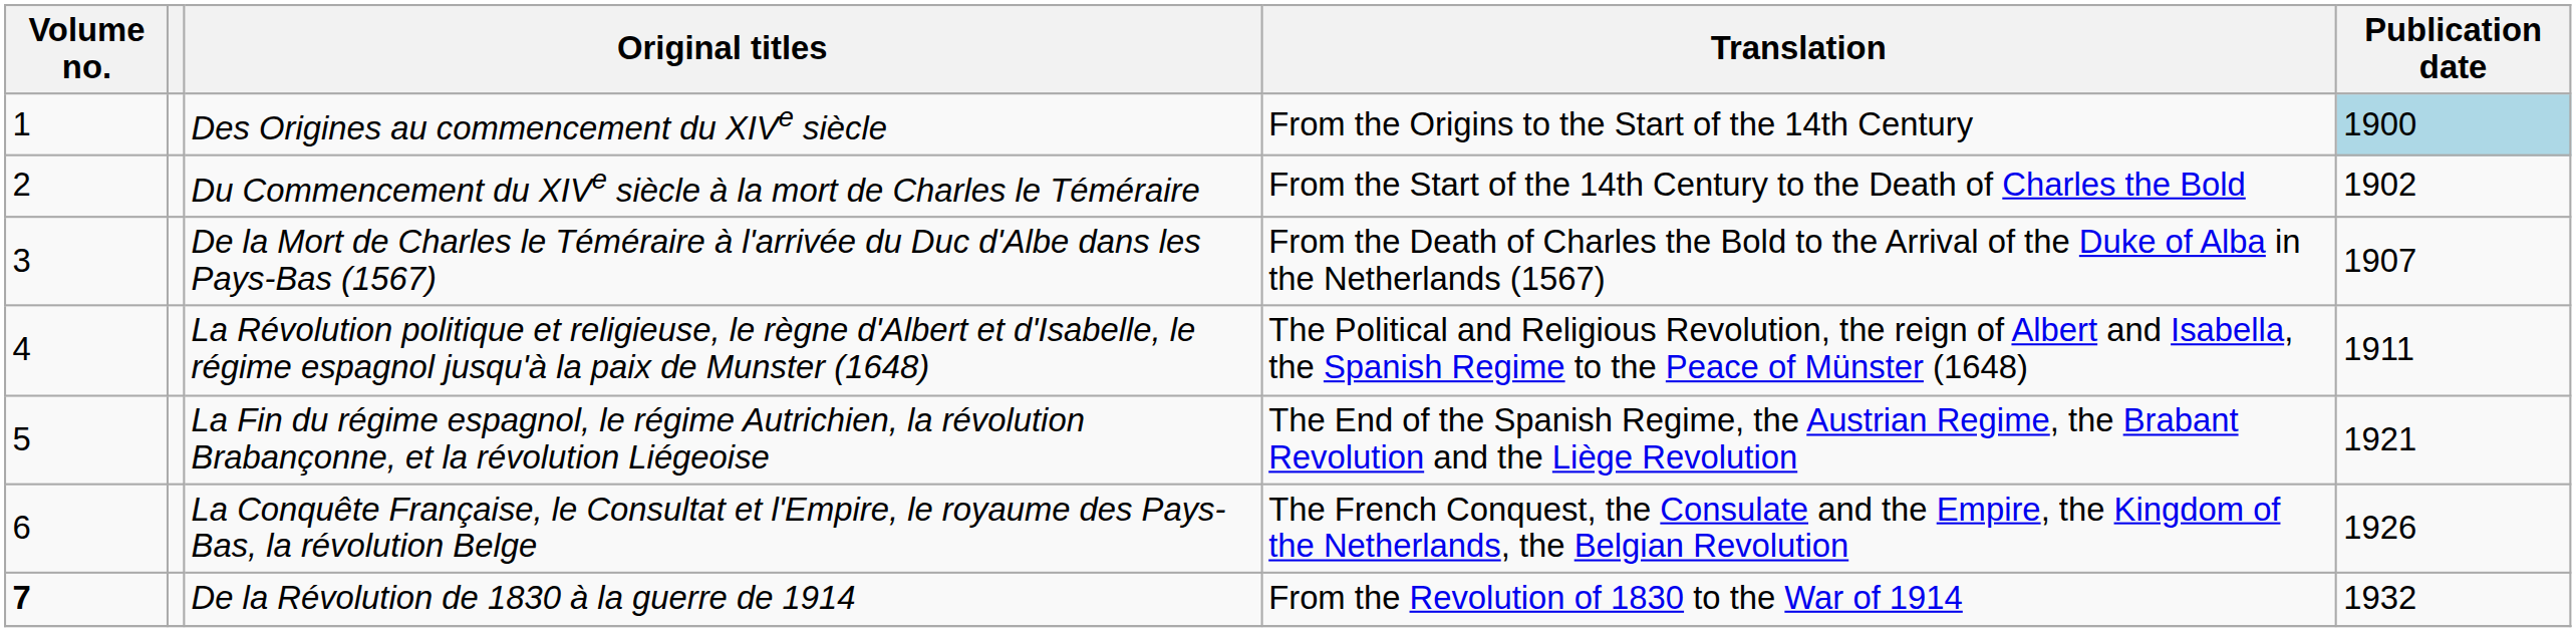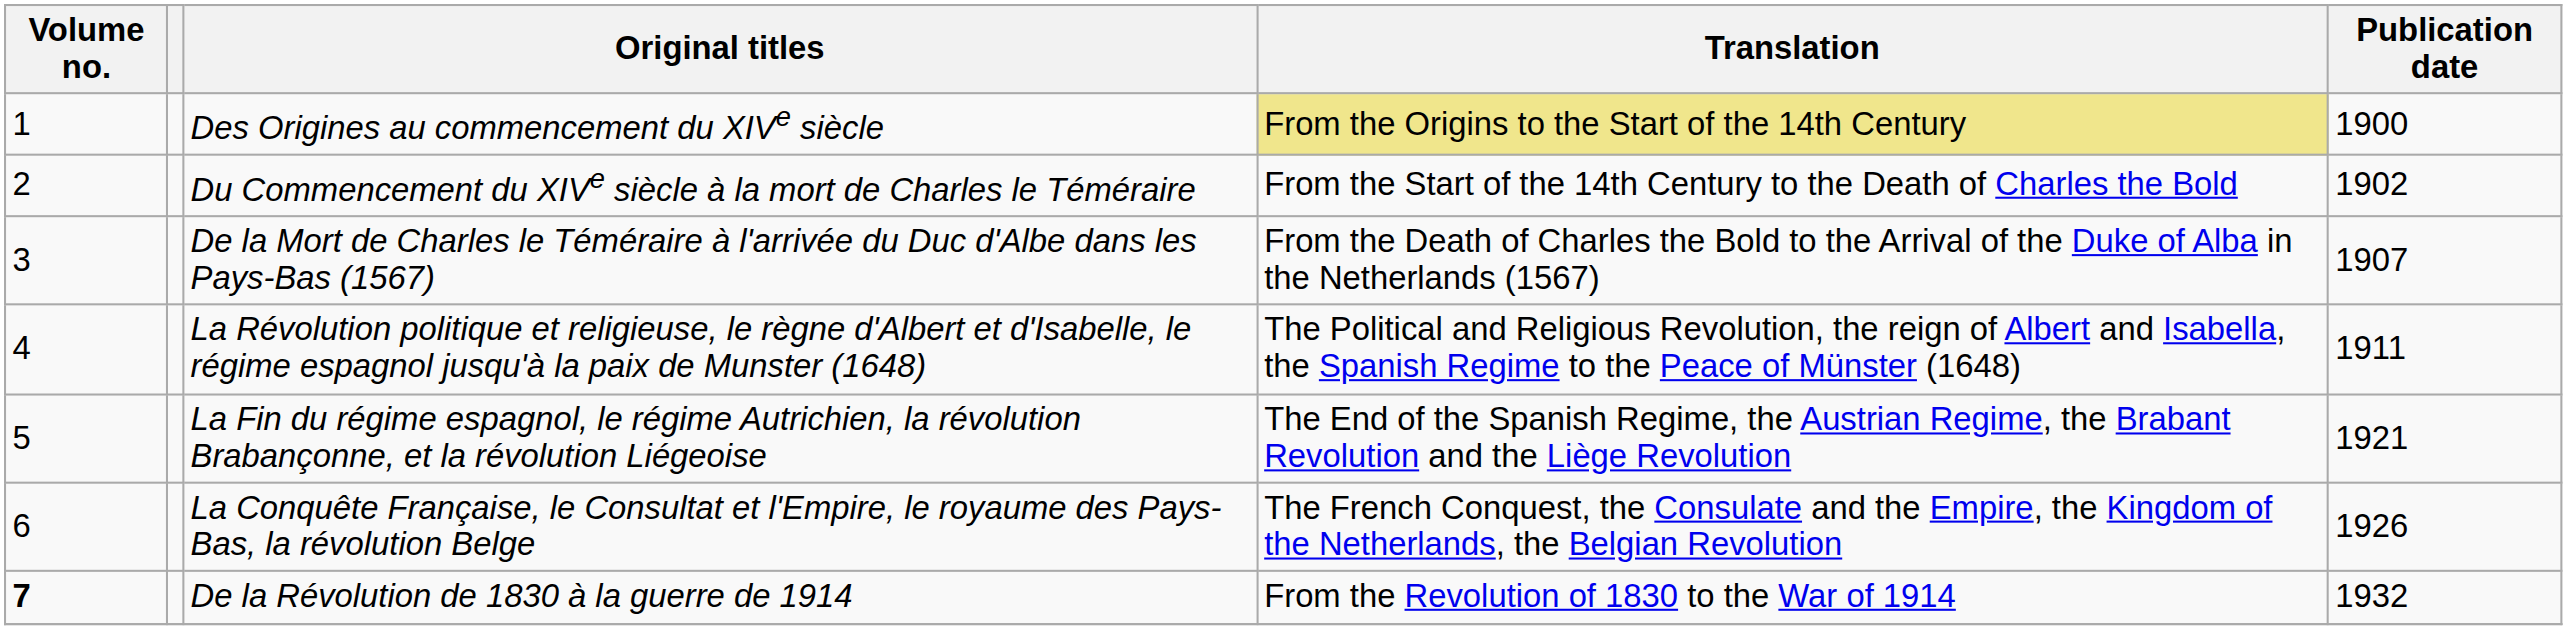 <table class="wikitable">
 <tr>
 <th>Volume no.</th>
 <th></th>
 <th>Original titles</th>
 <th>Translation</th>
 <th>Publication date</th>
 </tr>
 <tr>
 <td>1</td>
 <td></td>
 <td><em>Des Origines au commencement du XIV<sup>e</sup> siècle</em></td>
-<td>From the Origins to the Start of the 14th Century</td>
-<td style="background: lightblue;">1900</td>
+<td style="background: khaki;">From the Origins to the Start of the 14th Century</td>
+<td>1900</td>
 </tr>
 <tr>
 <td>2</td>
 <td></td>
 <td><em>Du Commencement du XIV<sup>e</sup> siècle à la mort de Charles le Téméraire</em></td>
 <td>From the Start of the 14th Century to the Death of <a href='#'>Charles the Bold</a></td>
 <td>1902</td>
 </tr>
 <tr>
 <td>3</td>
 <td></td>
 <td><em>De la Mort de Charles le Téméraire à l'arrivée du Duc d'Albe dans les Pays-Bas (1567)</em></td>
 <td>From the Death of Charles the Bold to the Arrival of the <a href='#'>Duke of Alba</a> in the Netherlands (1567)</td>
 <td>1907</td>
 </tr>
 <tr>
 <td>4</td>
 <td></td>
 <td><em>La Révolution politique et religieuse, le règne d'Albert et d'Isabelle, le régime espagnol jusqu'à la paix de Munster (1648)</em></td>
 <td>The Political and Religious Revolution, the reign of <a href='#'>Albert</a> and <a href='#'>Isabella</a>, the <a href='#'>Spanish Regime</a> to the <a href='#'>Peace of Münster</a> (1648)</td>
 <td>1911</td>
 </tr>
 <tr>
 <td>5</td>
 <td></td>
 <td><em>La Fin du régime espagnol, le régime Autrichien, la révolution Brabançonne, et la révolution Liégeoise</em></td>
 <td>The End of the Spanish Regime, the <a href='#'>Austrian Regime</a>, the <a href='#'>Brabant Revolution</a> and the <a href='#'>Liège Revolution</a></td>
 <td>1921</td>
 </tr>
 <tr>
 <td>6</td>
 <td></td>
 <td><em>La Conquête Française, le Consultat et l'Empire, le royaume des Pays-Bas, la révolution Belge</em></td>
 <td>The French Conquest, the <a href='#'>Consulate</a> and the <a href='#'>Empire</a>, the <a href='#'>Kingdom of the Netherlands</a>, the <a href='#'>Belgian Revolution</a></td>
 <td>1926</td>
 </tr>
 <tr>
 <td><strong>7</strong></td>
 <td></td>
 <td><em>De la Révolution de 1830 à la guerre de 1914</em></td>
 <td>From the <a href='#'>Revolution of 1830</a> to the <a href='#'>War of 1914</a></td>
 <td>1932</td>
 </tr>
 <tr>
 </tr>
 </table>
